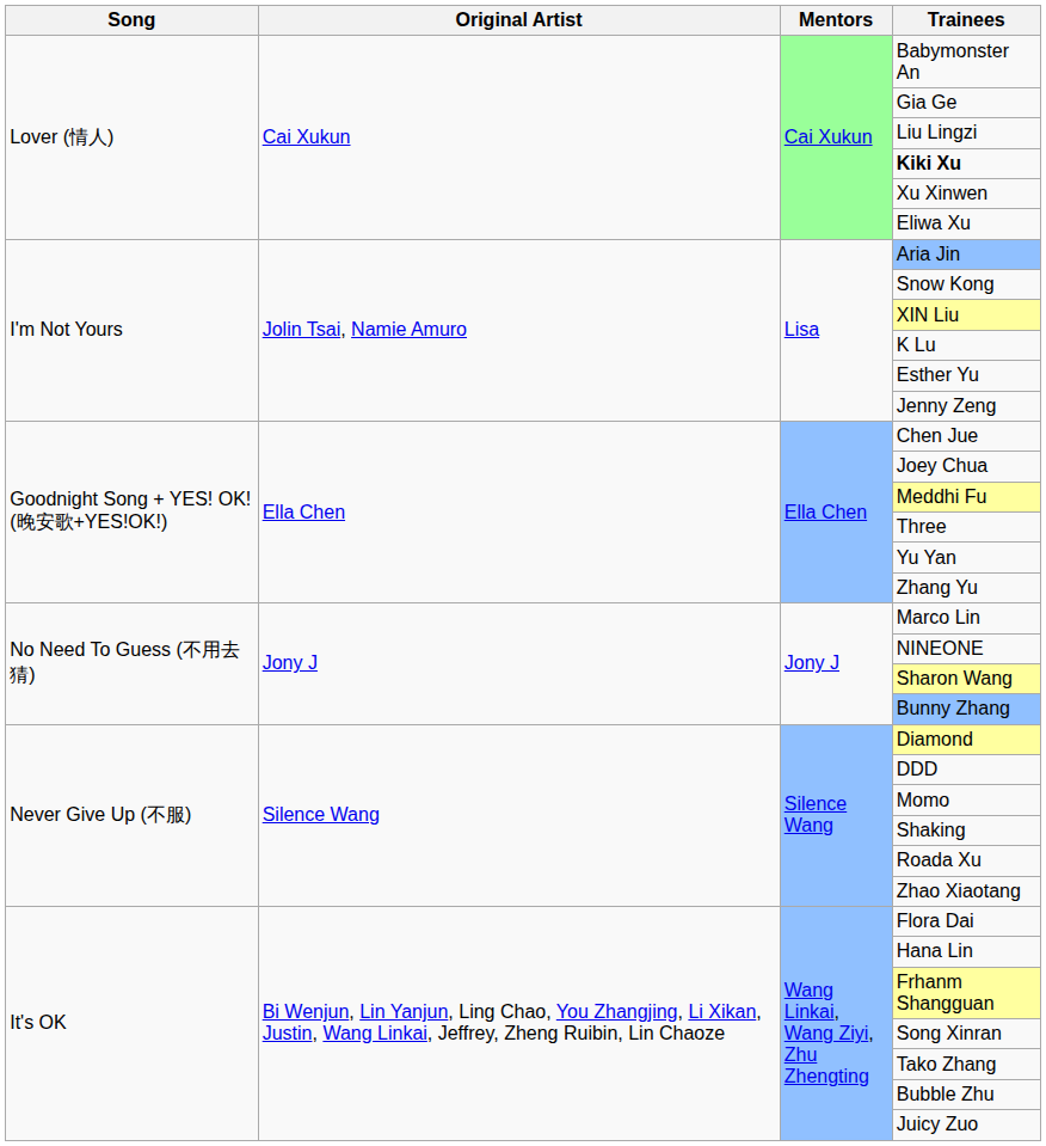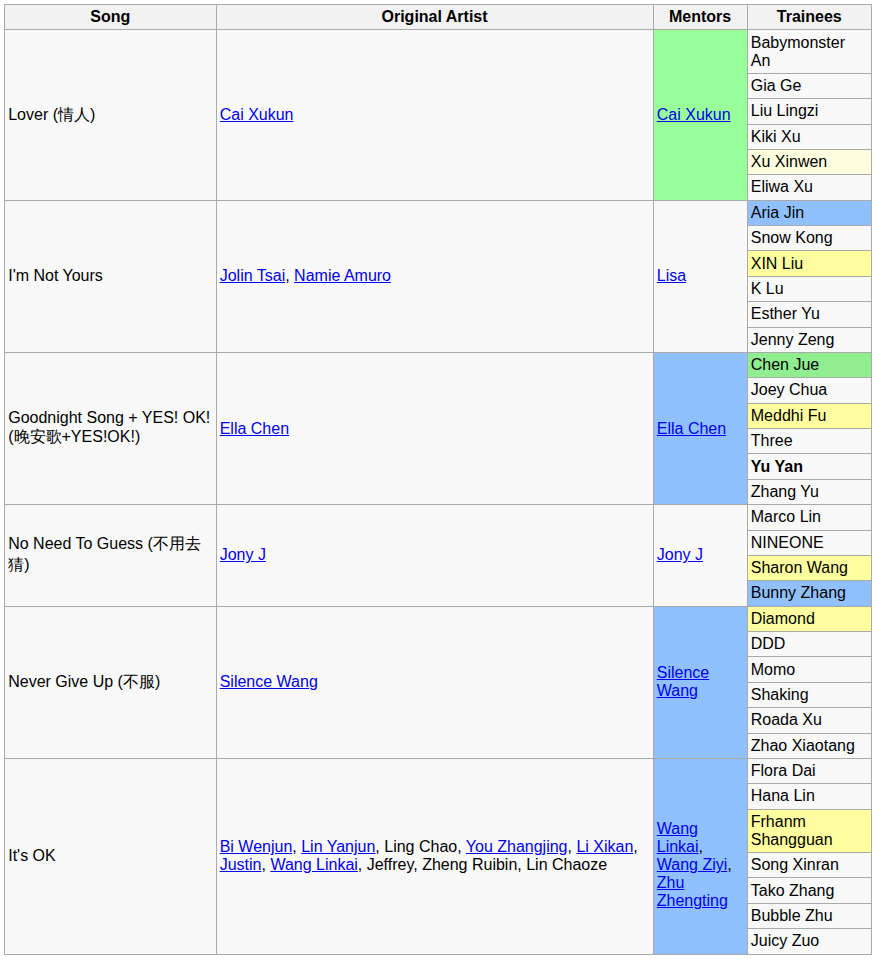 <table class="wikitable sortable">
 <tr>
 <th>Song</th>
 <th>Original Artist</th>
 <th>Mentors</th>
 <th>Trainees</th>
 </tr>
 <tr>
 <td rowspan="6">Lover (情人)</td>
 <td rowspan="6"><a href='#'>Cai Xukun</a></td>
 <td rowspan="6" style="background:#99FF99"><a href='#'>Cai Xukun</a></td>
 <td>Babymonster An</td>
 </tr>
 <tr>
 <td>Gia Ge</td>
 </tr>
 <tr>
 <td>Liu Lingzi</td>
 </tr>
 <tr>
-<td><strong>Kiki Xu</strong></td>
+<td>Kiki Xu</td>
 </tr>
 <tr>
-<td>Xu Xinwen</td>
+<td style="background: lightyellow;">Xu Xinwen</td>
 </tr>
 <tr>
 <td>Eliwa Xu</td>
 </tr>
 <tr>
 <td rowspan="6">I'm Not Yours</td>
 <td rowspan="6"><a href='#'>Jolin Tsai</a>, <a href='#'>Namie Amuro</a></td>
 <td rowspan="6"><a href='#'>Lisa</a></td>
 <td style="background:#90C0FF">Aria Jin</td>
 </tr>
 <tr>
 <td>Snow Kong</td>
 </tr>
 <tr>
 <td style="background:#FFFF9F">XIN Liu</td>
 </tr>
 <tr>
 <td>K Lu</td>
 </tr>
 <tr>
 <td>Esther Yu</td>
 </tr>
 <tr>
 <td>Jenny Zeng</td>
 </tr>
 <tr>
 <td rowspan="6">Goodnight Song + YES! OK! (晚安歌+YES!OK!)</td>
 <td rowspan="6"><a href='#'>Ella Chen</a></td>
 <td rowspan="6" style="background:#90C0FF"><a href='#'>Ella Chen</a></td>
-<td>Chen Jue</td>
+<td style="background: lightgreen;">Chen Jue</td>
 </tr>
 <tr>
 <td>Joey Chua</td>
 </tr>
 <tr>
 <td style="background:#FFFF9F">Meddhi Fu</td>
 </tr>
 <tr>
 <td>Three</td>
 </tr>
 <tr>
-<td>Yu Yan</td>
+<td><strong>Yu Yan</strong></td>
 </tr>
 <tr>
 <td>Zhang Yu</td>
 </tr>
 <tr>
 <td rowspan="4">No Need To Guess (不用去猜)</td>
 <td rowspan="4"><a href='#'>Jony J</a></td>
 <td rowspan="4"><a href='#'>Jony J</a></td>
 <td>Marco Lin</td>
 </tr>
 <tr>
 <td>NINEONE</td>
 </tr>
 <tr>
 <td style="background:#FFFF9F">Sharon Wang</td>
 </tr>
 <tr>
 <td style="background:#90C0FF">Bunny Zhang</td>
 </tr>
 <tr>
 <td rowspan="6">Never Give Up (不服)</td>
 <td rowspan="6"><a href='#'>Silence Wang</a></td>
 <td rowspan="6" style="background:#90C0FF"><a href='#'>Silence Wang</a></td>
 <td style="background:#FFFF9F">Diamond</td>
 </tr>
 <tr>
 <td>DDD</td>
 </tr>
 <tr>
 <td>Momo</td>
 </tr>
 <tr>
 <td>Shaking</td>
 </tr>
 <tr>
 <td>Roada Xu</td>
 </tr>
 <tr>
 <td>Zhao Xiaotang</td>
 </tr>
 <tr>
 <td rowspan="7">It's OK</td>
 <td rowspan="7"><a href='#'>Bi Wenjun</a>, <a href='#'>Lin Yanjun</a>, Ling Chao, <a href='#'>You Zhangjing</a>, <a href='#'>Li Xikan</a>, <a href='#'>Justin</a>, <a href='#'>Wang Linkai</a>, Jeffrey, Zheng Ruibin, Lin Chaoze</td>
 <td rowspan="7" style="background:#90C0FF"><br><a href='#'>Wang Linkai</a>,<br> <a href='#'>Wang Ziyi</a>,<br> <a href='#'>Zhu Zhengting</a></td>
 <td>Flora Dai</td>
 </tr>
 <tr>
 <td>Hana Lin</td>
 </tr>
 <tr>
 <td style="background:#FFFF9F">Frhanm Shangguan</td>
 </tr>
 <tr>
 <td>Song Xinran</td>
 </tr>
 <tr>
 <td>Tako Zhang</td>
 </tr>
 <tr>
 <td>Bubble Zhu</td>
 </tr>
 <tr>
 <td>Juicy Zuo</td>
 </tr>
 </table>
